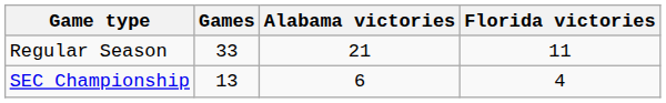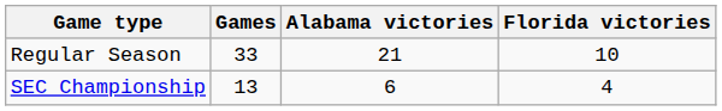 <table class="wikitable">
 <tr>
 <th>Game type</th>
 <th>Games</th>
 <th>Alabama victories</th>
 <th>Florida victories</th>
 </tr>
 <tr>
 <td>Regular Season</td>
 <td style="text-align:center;">33</td>
 <td style="text-align:center;">21</td>
-<td style="text-align:center;">11</td>
+<td style="text-align:center;">10</td>
 </tr>
 <tr>
 <td><a href='#'>SEC Championship</a></td>
 <td style="text-align:center;">13</td>
 <td style="text-align:center;">6</td>
 <td style="text-align:center;">4</td>
 </tr>
 </table>
